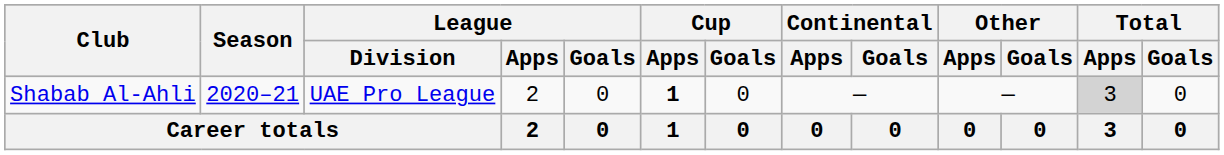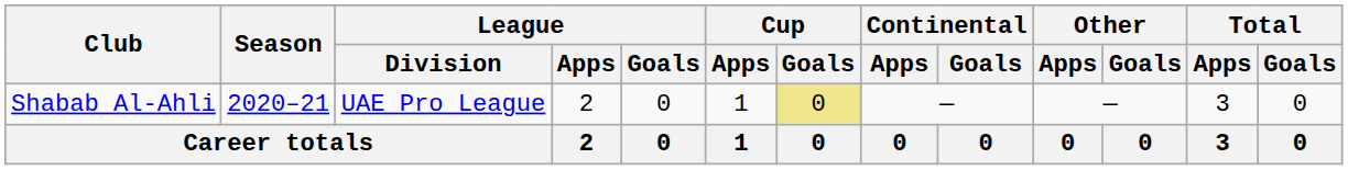 <table class="wikitable" style="text-align: center">
 <tr>
 <th rowspan="2">Club</th>
 <th rowspan="2">Season</th>
 <th colspan="3">League</th>
 <th colspan="2">Cup</th>
 <th colspan="2">Continental</th>
 <th colspan="2">Other</th>
 <th colspan="2">Total</th>
 </tr>
 <tr>
 <th>Division</th>
 <th>Apps</th>
 <th>Goals</th>
 <th>Apps</th>
 <th>Goals</th>
 <th>Apps</th>
 <th>Goals</th>
 <th>Apps</th>
 <th>Goals</th>
 <th>Apps</th>
 <th>Goals</th>
 </tr>
 <tr>
 <td rowspan=1><a href='#'>Shabab Al-Ahli</a></td>
 <td><a href='#'>2020–21</a></td>
 <td><a href='#'>UAE Pro League</a></td>
 <td>2</td>
 <td>0</td>
-<td><strong>1</strong></td>
-<td>0</td>
+<td>1</td>
+<td style="background: khaki;">0</td>
 <td colspan=2>—</td>
 <td colspan=2>—</td>
-<td style="background: lightgrey;">3</td>
+<td>3</td>
 <td>0</td>
 </tr>
 <tr>
 <th colspan=3>Career totals</th>
 <th>2</th>
 <th>0</th>
 <th>1</th>
 <th>0</th>
 <th>0</th>
 <th>0</th>
 <th>0</th>
 <th>0</th>
 <th>3</th>
 <th>0</th>
 </tr>
 </table>
